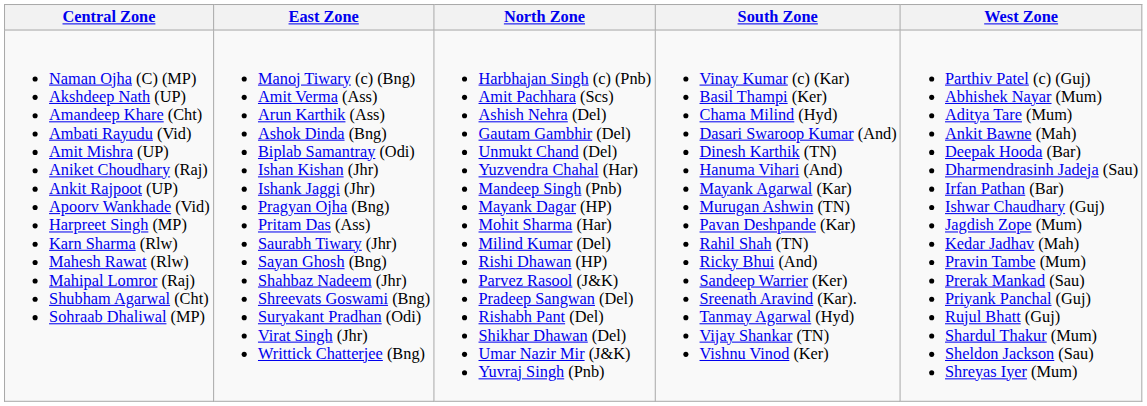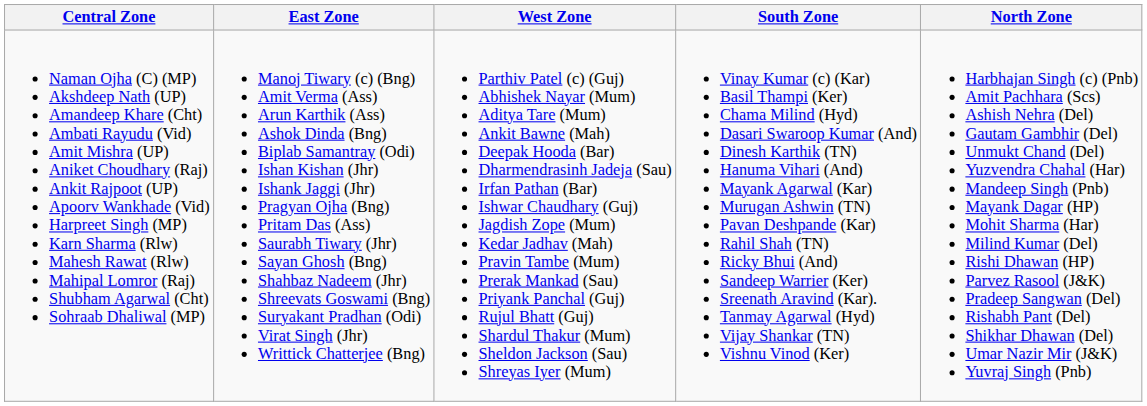 <table class="wikitable">
 <tr>
 <th><a href='#'>Central Zone</a></th>
 <th><a href='#'>East Zone</a></th>
+<th><a href='#'>West Zone</a></th>
+<th><a href='#'>South Zone</a></th>
 <th><a href='#'>North Zone</a></th>
-<th><a href='#'>South Zone</a></th>
-<th><a href='#'>West Zone</a></th>
 </tr>
 <tr style="vertical-align:top">
 <td><br><ul><li><a href='#'>Naman Ojha</a> (C) (MP)</li><li><a href='#'>Akshdeep Nath</a> (UP)</li><li><a href='#'>Amandeep Khare</a> (Cht)</li><li><a href='#'>Ambati Rayudu</a> (Vid)</li><li><a href='#'>Amit Mishra</a> (UP)</li><li><a href='#'>Aniket Choudhary</a> (Raj)</li><li><a href='#'>Ankit Rajpoot</a> (UP)</li><li><a href='#'>Apoorv Wankhade</a> (Vid)</li><li><a href='#'>Harpreet Singh</a> (MP)</li><li><a href='#'>Karn Sharma</a> (Rlw)</li><li><a href='#'>Mahesh Rawat</a> (Rlw)</li><li><a href='#'>Mahipal Lomror</a> (Raj)</li><li><a href='#'>Shubham Agarwal</a> (Cht)</li><li><a href='#'>Sohraab Dhaliwal</a> (MP)</li></ul></td>
 <td><br><ul><li><a href='#'>Manoj Tiwary</a> (c) (Bng)</li><li><a href='#'>Amit Verma</a> (Ass)</li><li><a href='#'>Arun Karthik</a> (Ass)</li><li><a href='#'>Ashok Dinda</a> (Bng)</li><li><a href='#'>Biplab Samantray</a> (Odi)</li><li><a href='#'>Ishan Kishan</a> (Jhr)</li><li><a href='#'>Ishank Jaggi</a> (Jhr)</li><li><a href='#'>Pragyan Ojha</a> (Bng)</li><li><a href='#'>Pritam Das</a> (Ass)</li><li><a href='#'>Saurabh Tiwary</a> (Jhr)</li><li><a href='#'>Sayan Ghosh</a> (Bng)</li><li><a href='#'>Shahbaz Nadeem</a> (Jhr)</li><li><a href='#'>Shreevats Goswami</a> (Bng)</li><li><a href='#'>Suryakant Pradhan</a> (Odi)</li><li><a href='#'>Virat Singh</a> (Jhr)</li><li><a href='#'>Writtick Chatterjee</a> (Bng)</li></ul></td>
+<td><br><ul><li><a href='#'>Parthiv Patel</a> (c) (Guj)</li><li><a href='#'>Abhishek Nayar</a> (Mum)</li><li><a href='#'>Aditya Tare</a> (Mum)</li><li><a href='#'>Ankit Bawne</a> (Mah)</li><li><a href='#'>Deepak Hooda</a> (Bar)</li><li><a href='#'>Dharmendrasinh Jadeja</a> (Sau)</li><li><a href='#'>Irfan Pathan</a> (Bar)</li><li><a href='#'>Ishwar Chaudhary</a> (Guj)</li><li><a href='#'>Jagdish Zope</a> (Mum)</li><li><a href='#'>Kedar Jadhav</a> (Mah)</li><li><a href='#'>Pravin Tambe</a> (Mum)</li><li><a href='#'>Prerak Mankad</a> (Sau)</li><li><a href='#'>Priyank Panchal</a> (Guj)</li><li><a href='#'>Rujul Bhatt</a> (Guj)</li><li><a href='#'>Shardul Thakur</a> (Mum)</li><li><a href='#'>Sheldon Jackson</a> (Sau)</li><li><a href='#'>Shreyas Iyer</a> (Mum)</li></ul></td>
+<td><br><ul><li><a href='#'>Vinay Kumar</a> (c) (Kar)</li><li><a href='#'>Basil Thampi</a> (Ker)</li><li><a href='#'>Chama Milind</a> (Hyd)</li><li><a href='#'>Dasari Swaroop Kumar</a> (And)</li><li><a href='#'>Dinesh Karthik</a> (TN)</li><li><a href='#'>Hanuma Vihari</a> (And)</li><li><a href='#'>Mayank Agarwal</a> (Kar)</li><li><a href='#'>Murugan Ashwin</a> (TN)</li><li><a href='#'>Pavan Deshpande</a> (Kar)</li><li><a href='#'>Rahil Shah</a> (TN)</li><li><a href='#'>Ricky Bhui</a> (And)</li><li><a href='#'>Sandeep Warrier</a> (Ker)</li><li><a href='#'>Sreenath Aravind</a> (Kar).</li><li><a href='#'>Tanmay Agarwal</a> (Hyd)</li><li><a href='#'>Vijay Shankar</a> (TN)</li><li><a href='#'>Vishnu Vinod</a> (Ker)</li></ul></td>
 <td><br><ul><li><a href='#'>Harbhajan Singh</a> (c) (Pnb)</li><li><a href='#'>Amit Pachhara</a> (Scs)</li><li><a href='#'>Ashish Nehra</a> (Del)</li><li><a href='#'>Gautam Gambhir</a> (Del)</li><li><a href='#'>Unmukt Chand</a> (Del)</li><li><a href='#'>Yuzvendra Chahal</a> (Har)</li><li><a href='#'>Mandeep Singh</a> (Pnb)</li><li><a href='#'>Mayank Dagar</a> (HP)</li><li><a href='#'>Mohit Sharma</a> (Har)</li><li><a href='#'>Milind Kumar</a> (Del)</li><li><a href='#'>Rishi Dhawan</a> (HP)</li><li><a href='#'>Parvez Rasool</a> (J&K)</li><li><a href='#'>Pradeep Sangwan</a> (Del)</li><li><a href='#'>Rishabh Pant</a> (Del)</li><li><a href='#'>Shikhar Dhawan</a> (Del)</li><li><a href='#'>Umar Nazir Mir</a> (J&K)</li><li><a href='#'>Yuvraj Singh</a> (Pnb)</li></ul></td>
-<td><br><ul><li><a href='#'>Vinay Kumar</a> (c) (Kar)</li><li><a href='#'>Basil Thampi</a> (Ker)</li><li><a href='#'>Chama Milind</a> (Hyd)</li><li><a href='#'>Dasari Swaroop Kumar</a> (And)</li><li><a href='#'>Dinesh Karthik</a> (TN)</li><li><a href='#'>Hanuma Vihari</a> (And)</li><li><a href='#'>Mayank Agarwal</a> (Kar)</li><li><a href='#'>Murugan Ashwin</a> (TN)</li><li><a href='#'>Pavan Deshpande</a> (Kar)</li><li><a href='#'>Rahil Shah</a> (TN)</li><li><a href='#'>Ricky Bhui</a> (And)</li><li><a href='#'>Sandeep Warrier</a> (Ker)</li><li><a href='#'>Sreenath Aravind</a> (Kar).</li><li><a href='#'>Tanmay Agarwal</a> (Hyd)</li><li><a href='#'>Vijay Shankar</a> (TN)</li><li><a href='#'>Vishnu Vinod</a> (Ker)</li></ul></td>
-<td><br><ul><li><a href='#'>Parthiv Patel</a> (c) (Guj)</li><li><a href='#'>Abhishek Nayar</a> (Mum)</li><li><a href='#'>Aditya Tare</a> (Mum)</li><li><a href='#'>Ankit Bawne</a> (Mah)</li><li><a href='#'>Deepak Hooda</a> (Bar)</li><li><a href='#'>Dharmendrasinh Jadeja</a> (Sau)</li><li><a href='#'>Irfan Pathan</a> (Bar)</li><li><a href='#'>Ishwar Chaudhary</a> (Guj)</li><li><a href='#'>Jagdish Zope</a> (Mum)</li><li><a href='#'>Kedar Jadhav</a> (Mah)</li><li><a href='#'>Pravin Tambe</a> (Mum)</li><li><a href='#'>Prerak Mankad</a> (Sau)</li><li><a href='#'>Priyank Panchal</a> (Guj)</li><li><a href='#'>Rujul Bhatt</a> (Guj)</li><li><a href='#'>Shardul Thakur</a> (Mum)</li><li><a href='#'>Sheldon Jackson</a> (Sau)</li><li><a href='#'>Shreyas Iyer</a> (Mum)</li></ul></td>
 </tr>
 </table>
